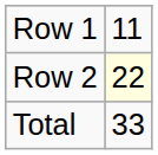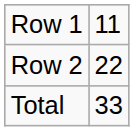 <table class="wikitable">
 <tr>
 <td>Row 1</td>
 <td>11</td>
 </tr>
 <tr>
 <td>Row 2</td>
-<td style="background: lightyellow;">22</td>
+<td>22</td>
 </tr>
 <tr>
 <td>Total</td>
 <td>33</td>
 </tr>
 </table>
